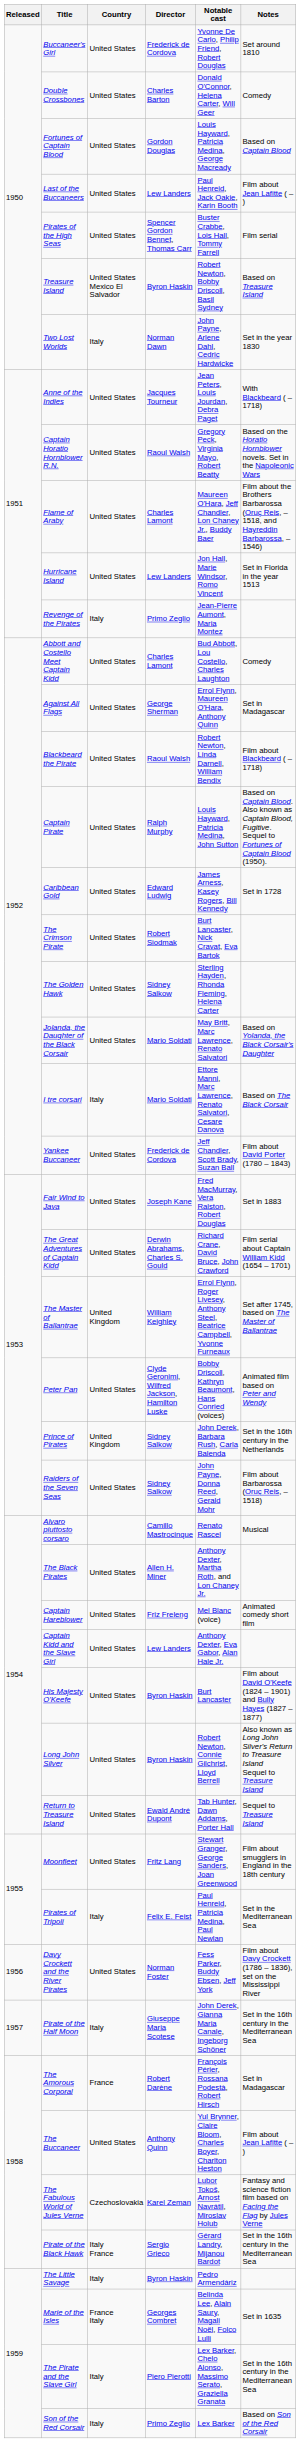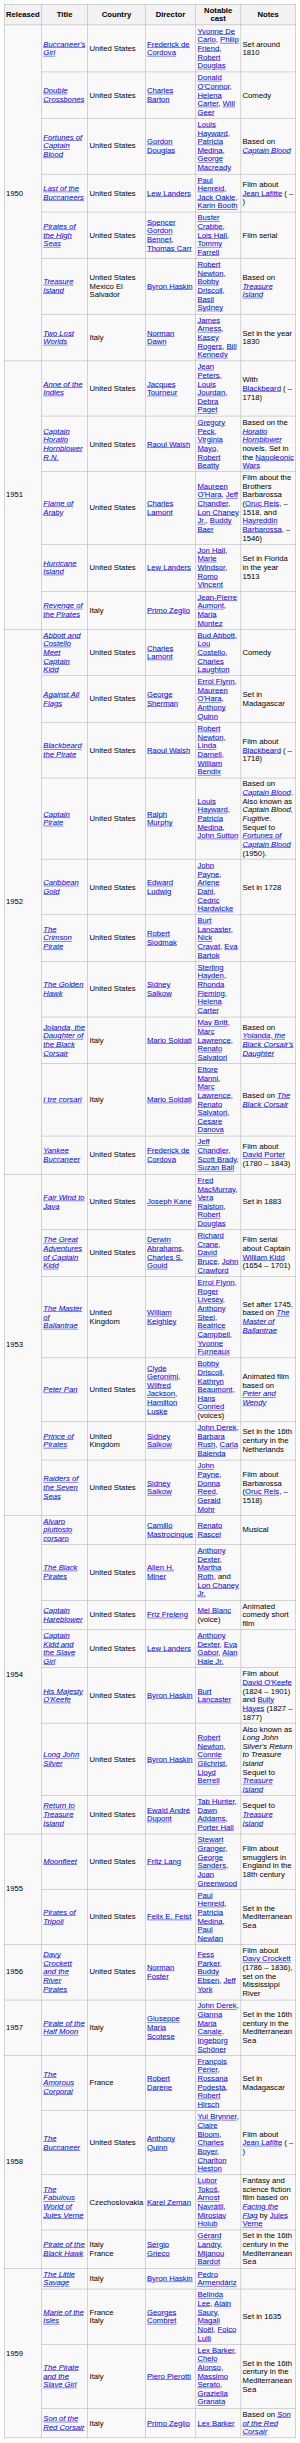 <table class="wikitable sortable">
 <tr>
 <th>Released</th>
 <th>Title</th>
 <th>Country</th>
 <th>Director</th>
 <th>Notable cast</th>
 <th>Notes</th>
 </tr>
 <tr>
 <td rowspan="7">1950</td>
 <td><em><a href='#'>Buccaneer's Girl</a></em></td>
 <td>United States</td>
 <td><a href='#'>Frederick de Cordova</a></td>
 <td><a href='#'>Yvonne De Carlo</a>, <a href='#'>Philip Friend</a>, <a href='#'>Robert Douglas</a></td>
 <td>Set around 1810</td>
 </tr>
 <tr>
 <td><em><a href='#'>Double Crossbones</a></em></td>
 <td>United States</td>
 <td><a href='#'>Charles Barton</a></td>
 <td><a href='#'>Donald O'Connor</a>, <a href='#'>Helena Carter</a>, <a href='#'>Will Geer</a></td>
 <td>Comedy</td>
 </tr>
 <tr>
 <td><em><a href='#'>Fortunes of Captain Blood</a></em></td>
 <td>United States</td>
 <td><a href='#'>Gordon Douglas</a></td>
 <td><a href='#'>Louis Hayward</a>, <a href='#'>Patricia Medina</a>, <a href='#'>George Macready</a></td>
 <td>Based on <em><a href='#'>Captain Blood</a></em></td>
 </tr>
 <tr>
 <td><em><a href='#'>Last of the Buccaneers</a></em></td>
 <td>United States</td>
 <td><a href='#'>Lew Landers</a></td>
 <td><a href='#'>Paul Henreid</a>, <a href='#'>Jack Oakie</a>, <a href='#'>Karin Booth</a></td>
 <td>Film about <a href='#'>Jean Lafitte</a> ( – )</td>
 </tr>
 <tr>
 <td><em><a href='#'>Pirates of the High Seas</a></em></td>
 <td>United States</td>
 <td><a href='#'>Spencer Gordon Bennet</a>, <a href='#'>Thomas Carr</a></td>
 <td><a href='#'>Buster Crabbe</a>, <a href='#'>Lois Hall</a>, <a href='#'>Tommy Farrell</a></td>
 <td>Film serial</td>
 </tr>
 <tr>
 <td><em><a href='#'>Treasure Island</a></em></td>
 <td>United States<br>Mexico El Salvador</td>
 <td><a href='#'>Byron Haskin</a></td>
 <td><a href='#'>Robert Newton</a>, <a href='#'>Bobby Driscoll</a>, <a href='#'>Basil Sydney</a></td>
 <td>Based on <em><a href='#'>Treasure Island</a></em></td>
 </tr>
 <tr>
 <td><em><a href='#'>Two Lost Worlds</a></em></td>
 <td>Italy</td>
 <td><a href='#'>Norman Dawn</a></td>
-<td><a href='#'>John Payne</a>, <a href='#'>Arlene Dahl</a>, <a href='#'>Cedric Hardwicke</a></td>
+<td><a href='#'>James Arness</a>, <a href='#'>Kasey Rogers</a>, <a href='#'>Bill Kennedy</a></td>
 <td>Set in the year 1830</td>
 </tr>
 <tr>
 <td rowspan="5">1951</td>
 <td><em><a href='#'>Anne of the Indies</a></em></td>
 <td>United States</td>
 <td><a href='#'>Jacques Tourneur</a></td>
 <td><a href='#'>Jean Peters</a>, <a href='#'>Louis Jourdan</a>, <a href='#'>Debra Paget</a></td>
 <td>With <a href='#'>Blackbeard</a> ( – 1718)</td>
 </tr>
 <tr>
 <td><em><a href='#'>Captain Horatio Hornblower R.N.</a></em></td>
 <td>United States</td>
 <td><a href='#'>Raoul Walsh</a></td>
 <td><a href='#'>Gregory Peck</a>, <a href='#'>Virginia Mayo</a>, <a href='#'>Robert Beatty</a></td>
 <td>Based on the <em><a href='#'>Horatio Hornblower</a></em> novels. Set in the <a href='#'>Napoleonic Wars</a></td>
 </tr>
 <tr>
 <td><em><a href='#'>Flame of Araby</a></em></td>
 <td>United States</td>
 <td><a href='#'>Charles Lamont</a></td>
 <td><a href='#'>Maureen O'Hara</a>, <a href='#'>Jeff Chandler</a>, <a href='#'>Lon Chaney Jr.</a>, <a href='#'>Buddy Baer</a></td>
 <td>Film about the Brothers Barbarossa (<a href='#'>Oruç Reis</a>,  – 1518, and <a href='#'>Hayreddin Barbarossa</a>,  – 1546)</td>
 </tr>
 <tr>
 <td><em><a href='#'>Hurricane Island</a></em></td>
 <td>United States</td>
 <td><a href='#'>Lew Landers</a></td>
 <td><a href='#'>Jon Hall</a>, <a href='#'>Marie Windsor</a>, <a href='#'>Romo Vincent</a></td>
 <td>Set in Florida in the year 1513</td>
 </tr>
 <tr>
 <td><em><a href='#'>Revenge of the Pirates</a></em></td>
 <td>Italy</td>
 <td><a href='#'>Primo Zeglio</a></td>
 <td><a href='#'>Jean-Pierre Aumont</a>, <a href='#'>Maria Montez</a></td>
 <td></td>
 </tr>
 <tr>
 <td rowspan="10">1952</td>
 <td><em><a href='#'>Abbott and Costello Meet Captain Kidd</a></em></td>
 <td>United States</td>
 <td><a href='#'>Charles Lamont</a></td>
 <td><a href='#'>Bud Abbott</a>, <a href='#'>Lou Costello</a>, <a href='#'>Charles Laughton</a></td>
 <td>Comedy</td>
 </tr>
 <tr>
 <td><em><a href='#'>Against All Flags</a></em></td>
 <td>United States</td>
 <td><a href='#'>George Sherman</a></td>
 <td><a href='#'>Errol Flynn</a>, <a href='#'>Maureen O'Hara</a>, <a href='#'>Anthony Quinn</a></td>
 <td>Set in Madagascar</td>
 </tr>
 <tr>
 <td><em><a href='#'>Blackbeard the Pirate</a></em></td>
 <td>United States</td>
 <td><a href='#'>Raoul Walsh</a></td>
 <td><a href='#'>Robert Newton</a>, <a href='#'>Linda Darnell</a>, <a href='#'>William Bendix</a></td>
 <td>Film about <a href='#'>Blackbeard</a> ( – 1718)</td>
 </tr>
 <tr>
 <td><em><a href='#'>Captain Pirate</a></em></td>
 <td>United States</td>
 <td><a href='#'>Ralph Murphy</a></td>
 <td><a href='#'>Louis Hayward</a>, <a href='#'>Patricia Medina</a>, <a href='#'>John Sutton</a></td>
 <td>Based on <em><a href='#'>Captain Blood</a></em>.<br>Also known as <em>Captain Blood, Fugitive</em>.<br>Sequel to <em><a href='#'>Fortunes of Captain Blood</a></em> (1950).</td>
 </tr>
 <tr>
 <td><em><a href='#'>Caribbean Gold</a></em></td>
 <td>United States</td>
 <td><a href='#'>Edward Ludwig</a></td>
-<td><a href='#'>James Arness</a>, <a href='#'>Kasey Rogers</a>, <a href='#'>Bill Kennedy</a></td>
+<td><a href='#'>John Payne</a>, <a href='#'>Arlene Dahl</a>, <a href='#'>Cedric Hardwicke</a></td>
 <td>Set in 1728</td>
 </tr>
 <tr>
 <td><em><a href='#'>The Crimson Pirate</a></em></td>
 <td>United States</td>
 <td><a href='#'>Robert Siodmak</a></td>
 <td><a href='#'>Burt Lancaster</a>, <a href='#'>Nick Cravat</a>, <a href='#'>Eva Bartok</a></td>
 <td></td>
 </tr>
 <tr>
 <td><em><a href='#'>The Golden Hawk</a></em></td>
 <td>United States</td>
 <td><a href='#'>Sidney Salkow</a></td>
 <td><a href='#'>Sterling Hayden</a>, <a href='#'>Rhonda Fleming</a>, <a href='#'>Helena Carter</a></td>
 <td></td>
 </tr>
 <tr>
 <td><em><a href='#'>Jolanda, the Daughter of the Black Corsair</a></em></td>
-<td>United States</td>
+<td>Italy</td>
 <td><a href='#'>Mario Soldati</a></td>
 <td><a href='#'>May Britt</a>, <a href='#'>Marc Lawrence</a>, <a href='#'>Renato Salvatori</a></td>
 <td>Based on <em><a href='#'>Yolanda, the Black Corsair's Daughter</a></em></td>
 </tr>
 <tr>
 <td><em><a href='#'>I tre corsari</a></em></td>
 <td>Italy</td>
 <td><a href='#'>Mario Soldati</a></td>
 <td><a href='#'>Ettore Manni</a>, <a href='#'>Marc Lawrence</a>, <a href='#'>Renato Salvatori</a>, <a href='#'>Cesare Danova</a></td>
 <td>Based on <em><a href='#'>The Black Corsair</a></em></td>
 </tr>
 <tr>
 <td><em><a href='#'>Yankee Buccaneer</a></em></td>
 <td>United States</td>
 <td><a href='#'>Frederick de Cordova</a></td>
 <td><a href='#'>Jeff Chandler</a>, <a href='#'>Scott Brady</a>, <a href='#'>Suzan Ball</a></td>
 <td>Film about <a href='#'>David Porter</a> (1780 – 1843)<br></td>
 </tr>
 <tr>
 <td rowspan="6">1953</td>
 <td><em><a href='#'>Fair Wind to Java</a></em></td>
 <td>United States</td>
 <td><a href='#'>Joseph Kane</a></td>
 <td><a href='#'>Fred MacMurray</a>, <a href='#'>Vera Ralston</a>, <a href='#'>Robert Douglas</a></td>
 <td>Set in 1883</td>
 </tr>
 <tr>
 <td><em><a href='#'>The Great Adventures of Captain Kidd</a></em></td>
 <td>United States</td>
 <td><a href='#'>Derwin Abrahams</a>, <a href='#'>Charles S. Gould</a></td>
 <td><a href='#'>Richard Crane</a>, <a href='#'>David Bruce</a>, <a href='#'>John Crawford</a></td>
 <td>Film serial about Captain <a href='#'>William Kidd</a> (1654 – 1701)</td>
 </tr>
 <tr>
 <td><em><a href='#'>The Master of Ballantrae</a></em></td>
 <td>United Kingdom</td>
 <td><a href='#'>William Keighley</a></td>
 <td><a href='#'>Errol Flynn</a>, <a href='#'>Roger Livesey</a>, <a href='#'>Anthony Steel</a>, <a href='#'>Beatrice Campbell</a>, <a href='#'>Yvonne Furneaux</a></td>
 <td>Set after 1745, based on <em><a href='#'>The Master of Ballantrae</a></em></td>
 </tr>
 <tr>
 <td><em><a href='#'>Peter Pan</a></em></td>
 <td>United States</td>
 <td><a href='#'>Clyde Geronimi</a>, <a href='#'>Wilfred Jackson</a>, <a href='#'>Hamilton Luske</a></td>
 <td><a href='#'>Bobby Driscoll</a>, <a href='#'>Kathryn Beaumont</a>, <a href='#'>Hans Conried</a> (voices)</td>
 <td>Animated film based on <em><a href='#'>Peter and Wendy</a></em></td>
 </tr>
 <tr>
 <td><em><a href='#'>Prince of Pirates</a></em></td>
 <td>United Kingdom</td>
 <td><a href='#'>Sidney Salkow</a></td>
 <td><a href='#'>John Derek</a>, <a href='#'>Barbara Rush</a>, <a href='#'>Carla Balenda</a></td>
 <td>Set in the 16th century in the Netherlands</td>
 </tr>
 <tr>
 <td><em><a href='#'>Raiders of the Seven Seas</a></em></td>
 <td>United States</td>
 <td><a href='#'>Sidney Salkow</a></td>
 <td><a href='#'>John Payne</a>, <a href='#'>Donna Reed</a>, <a href='#'>Gerald Mohr</a></td>
 <td>Film about Barbarossa (<a href='#'>Oruç Reis</a>,  – 1518)</td>
 </tr>
 <tr>
 <td rowspan="7">1954</td>
 <td><em><a href='#'>Alvaro piuttosto corsaro</a></em></td>
 <td></td>
 <td><a href='#'>Camillo Mastrocinque</a></td>
 <td><a href='#'>Renato Rascel</a></td>
 <td>Musical</td>
 </tr>
 <tr>
 <td><em><a href='#'>The Black Pirates</a></em></td>
 <td>United States</td>
 <td><a href='#'>Allen H. Miner</a></td>
 <td><a href='#'>Anthony Dexter</a>, <a href='#'>Martha Roth</a>, and <a href='#'>Lon Chaney Jr.</a></td>
 <td></td>
 </tr>
 <tr>
 <td><em><a href='#'>Captain Hareblower</a></em></td>
 <td>United States</td>
 <td><a href='#'>Friz Freleng</a></td>
 <td><a href='#'>Mel Blanc</a> (voice)</td>
 <td>Animated comedy short film</td>
 </tr>
 <tr>
 <td><em><a href='#'>Captain Kidd and the Slave Girl</a></em></td>
 <td>United States</td>
 <td><a href='#'>Lew Landers</a></td>
 <td><a href='#'>Anthony Dexter</a>, <a href='#'>Eva Gabor</a>, <a href='#'>Alan Hale Jr.</a></td>
 <td></td>
 </tr>
 <tr>
 <td><em><a href='#'>His Majesty O'Keefe</a></em></td>
 <td>United States</td>
 <td><a href='#'>Byron Haskin</a></td>
 <td><a href='#'>Burt Lancaster</a></td>
 <td>Film about <a href='#'>David O'Keefe</a> (1824 – 1901) and <a href='#'>Bully Hayes</a> (1827 – 1877)</td>
 </tr>
 <tr>
 <td><em><a href='#'>Long John Silver</a></em></td>
 <td>United States</td>
 <td><a href='#'>Byron Haskin</a></td>
 <td><a href='#'>Robert Newton</a>, <a href='#'>Connie Gilchrist</a>, <a href='#'>Lloyd Berrell</a></td>
 <td>Also known as <em>Long John Silver's Return to Treasure Island</em><br>Sequel to <em><a href='#'>Treasure Island</a></em></td>
 </tr>
 <tr>
 <td><em><a href='#'>Return to Treasure Island</a></em></td>
 <td>United States</td>
 <td><a href='#'>Ewald André Dupont</a></td>
 <td><a href='#'>Tab Hunter</a>, <a href='#'>Dawn Addams</a>, <a href='#'>Porter Hall</a></td>
 <td>Sequel to <em><a href='#'>Treasure Island</a></em></td>
 </tr>
 <tr>
 <td rowspan="2">1955</td>
 <td><em><a href='#'>Moonfleet</a></em></td>
 <td>United States</td>
 <td><a href='#'>Fritz Lang</a></td>
 <td><a href='#'>Stewart Granger</a>, <a href='#'>George Sanders</a>, <a href='#'>Joan Greenwood</a></td>
 <td>Film about smugglers in England in the 18th century</td>
 </tr>
 <tr>
 <td><em><a href='#'>Pirates of Tripoli</a></em></td>
-<td>Italy</td>
+<td>United States</td>
 <td><a href='#'>Felix E. Feist</a></td>
 <td><a href='#'>Paul Henreid</a>, <a href='#'>Patricia Medina</a>, <a href='#'>Paul Newlan</a></td>
 <td>Set in the Mediterranean Sea</td>
 </tr>
 <tr>
 <td>1956</td>
 <td><em><a href='#'>Davy Crockett and the River Pirates</a></em></td>
 <td>United States</td>
 <td><a href='#'>Norman Foster</a></td>
 <td><a href='#'>Fess Parker</a>, <a href='#'>Buddy Ebsen</a>, <a href='#'>Jeff York</a></td>
 <td>Film about <a href='#'>Davy Crockett</a> (1786 – 1836), set on the Mississippi River</td>
 </tr>
 <tr>
 <td>1957</td>
 <td><em><a href='#'>Pirate of the Half Moon</a></em></td>
 <td>Italy</td>
 <td><a href='#'>Giuseppe Maria Scotese</a></td>
 <td><a href='#'>John Derek</a>, <a href='#'>Gianna Maria Canale</a>, <a href='#'>Ingeborg Schöner</a></td>
 <td>Set in the 16th century in the Mediterranean Sea</td>
 </tr>
 <tr>
 <td rowspan="4">1958</td>
 <td><em><a href='#'>The Amorous Corporal</a></em></td>
 <td>France</td>
 <td><a href='#'>Robert Darène</a></td>
 <td><a href='#'>François Périer</a>, <a href='#'>Rossana Podestà</a>, <a href='#'>Robert Hirsch</a></td>
 <td>Set in Madagascar</td>
 </tr>
 <tr>
 <td><em><a href='#'>The Buccaneer</a></em></td>
 <td>United States</td>
 <td><a href='#'>Anthony Quinn</a></td>
 <td><a href='#'>Yul Brynner</a>, <a href='#'>Claire Bloom</a>, <a href='#'>Charles Boyer</a>, <a href='#'>Charlton Heston</a></td>
 <td>Film about <a href='#'>Jean Lafitte</a> ( – )</td>
 </tr>
 <tr>
 <td><em><a href='#'>The Fabulous World of Jules Verne</a></em></td>
 <td>Czechoslovakia</td>
 <td><a href='#'>Karel Zeman</a></td>
 <td><a href='#'>Lubor Tokoš</a>, <a href='#'>Arnost Navrátil</a>, <a href='#'>Miroslav Holub</a></td>
 <td>Fantasy and science fiction film based on <em><a href='#'>Facing the Flag</a></em> by <a href='#'>Jules Verne</a></td>
 </tr>
 <tr>
 <td><em><a href='#'>Pirate of the Black Hawk</a></em></td>
 <td>Italy<br>France</td>
 <td><a href='#'>Sergio Grieco</a></td>
 <td><a href='#'>Gérard Landry</a>, <a href='#'>Mijanou Bardot</a></td>
 <td>Set in the 16th century in the Mediterranean Sea</td>
 </tr>
 <tr>
 <td rowspan="4">1959</td>
 <td><em><a href='#'>The Little Savage</a></em></td>
 <td>Italy</td>
 <td><a href='#'>Byron Haskin</a></td>
 <td><a href='#'>Pedro Armendáriz</a></td>
 <td></td>
 </tr>
 <tr>
 <td><em><a href='#'>Marie of the Isles</a></em></td>
 <td>France<br>Italy</td>
 <td><a href='#'>Georges Combret</a></td>
 <td><a href='#'>Belinda Lee</a>, <a href='#'>Alain Saury</a>, <a href='#'>Magali Noël</a>, <a href='#'>Folco Lulli</a></td>
 <td>Set in 1635</td>
 </tr>
 <tr>
 <td><em><a href='#'>The Pirate and the Slave Girl</a></em></td>
 <td>Italy</td>
 <td><a href='#'>Piero Pierotti</a></td>
 <td><a href='#'>Lex Barker</a>, <a href='#'>Chelo Alonso</a>, <a href='#'>Massimo Serato</a>, <a href='#'>Graziella Granata</a></td>
 <td>Set in the 16th century in the Mediterranean Sea</td>
 </tr>
 <tr>
 <td><em><a href='#'>Son of the Red Corsair</a></em></td>
 <td>Italy</td>
 <td><a href='#'>Primo Zeglio</a></td>
 <td><a href='#'>Lex Barker</a></td>
 <td>Based on <em><a href='#'>Son of the Red Corsair</a></em></td>
 </tr>
 </table>
